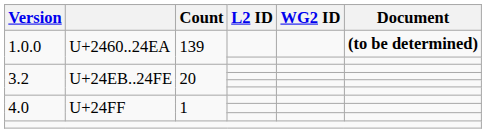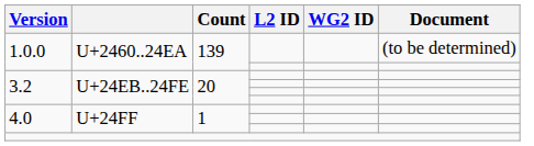 <table class="wikitable collapsible sticky-header">
 <tr>
 <th><a href='#'>Version</a></th>
 <th></th>
 <th>Count</th>
 <th><a href='#'>L2</a> ID</th>
 <th><a href='#'>WG2</a> ID</th>
 <th>Document</th>
 </tr>
 <tr>
 <td rowspan="2">1.0.0</td>
 <td rowspan="2">U+2460..24EA</td>
 <td rowspan="2">139</td>
 <td></td>
 <td></td>
-<td><strong>(to be determined)</strong></td>
+<td>(to be determined)</td>
 </tr>
 <tr>
 <td></td>
 <td></td>
 <td></td>
 </tr>
 <tr>
 <td rowspan="4">3.2</td>
 <td rowspan="4">U+24EB..24FE</td>
 <td rowspan="4">20</td>
 <td></td>
 <td></td>
 <td></td>
 </tr>
 <tr>
 <td></td>
 <td></td>
 <td></td>
 </tr>
 <tr>
 <td></td>
 <td></td>
 <td></td>
 </tr>
 <tr>
 <td></td>
 <td></td>
 <td></td>
 </tr>
 <tr>
 <td rowspan="3">4.0</td>
 <td rowspan="3">U+24FF</td>
 <td rowspan="3">1</td>
 <td></td>
 <td></td>
 <td></td>
 </tr>
 <tr>
 <td></td>
 <td></td>
 <td></td>
 </tr>
 <tr>
 <td></td>
 <td></td>
 <td></td>
 </tr>
 <tr class="sortbottom">
 <td colspan="6"></td>
 </tr>
 </table>
